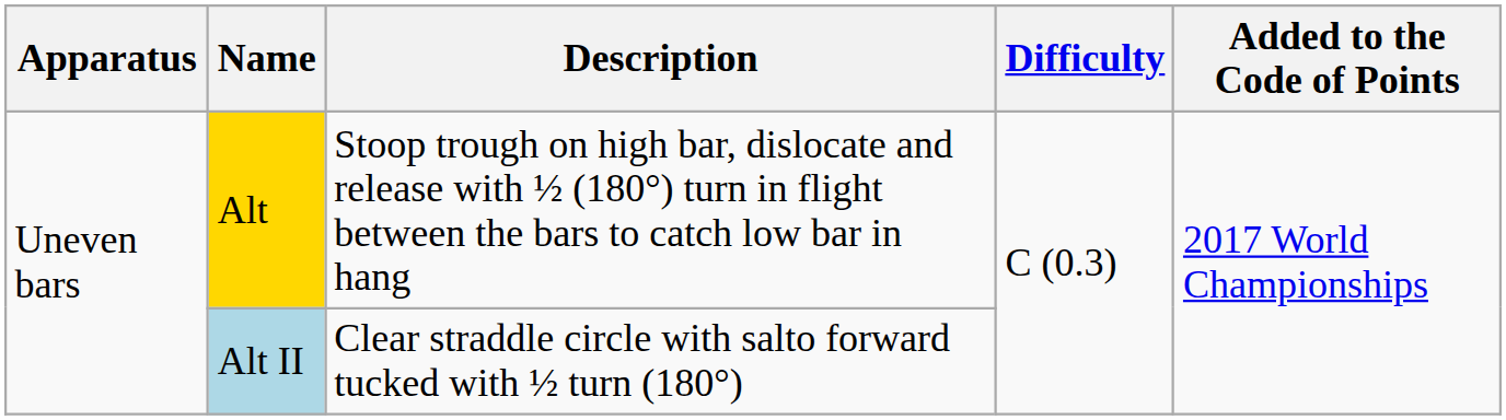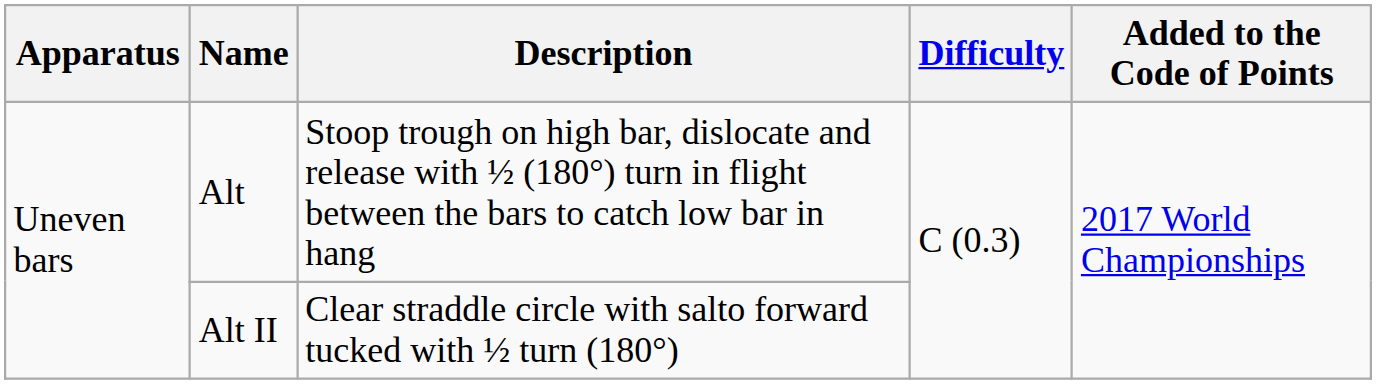 <table class="wikitable">
 <tr>
 <th>Apparatus</th>
 <th>Name</th>
 <th>Description</th>
 <th><a href='#'>Difficulty</a></th>
 <th>Added to the Code of Points</th>
 </tr>
 <tr>
 <td rowspan="2">Uneven bars</td>
-<td style="background: gold;">Alt</td>
+<td>Alt</td>
 <td>Stoop trough on high bar, dislocate and release with ½ (180°) turn in flight between the bars to catch low bar in hang</td>
 <td rowspan="2">C (0.3)</td>
 <td rowspan="2"><a href='#'>2017 World Championships</a></td>
 </tr>
 <tr>
-<td style="background: lightblue;">Alt II</td>
+<td>Alt II</td>
 <td>Clear straddle circle with salto forward tucked with ½ turn (180°)</td>
 </tr>
 </table>
